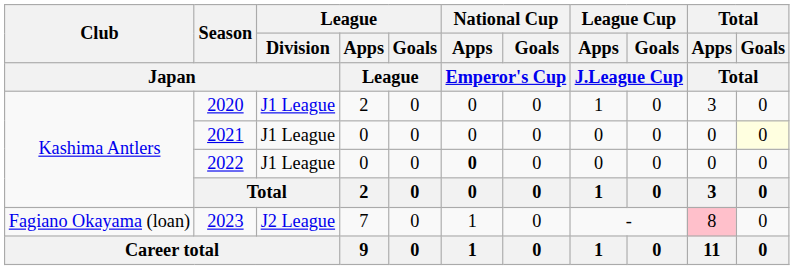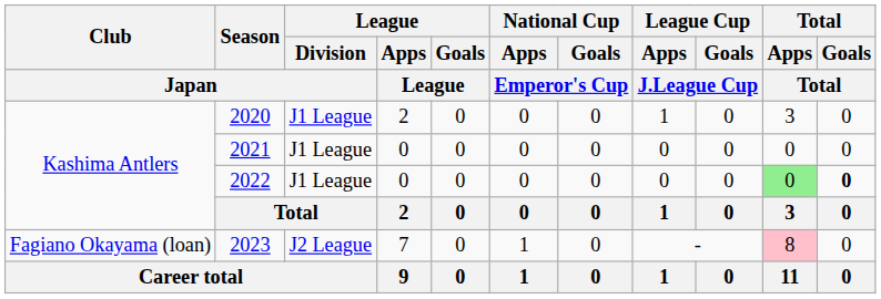 <table class="wikitable" style="text-align: center">
 <tr>
 <th rowspan="2">Club</th>
 <th rowspan="2">Season</th>
 <th colspan="3">League</th>
 <th colspan="2">National Cup</th>
 <th colspan="2">League Cup</th>
 <th colspan="2">Total</th>
 </tr>
 <tr>
 <th>Division</th>
 <th>Apps</th>
 <th>Goals</th>
 <th>Apps</th>
 <th>Goals</th>
 <th>Apps</th>
 <th>Goals</th>
 <th>Apps</th>
 <th>Goals</th>
 </tr>
 <tr>
 <th colspan=3>Japan</th>
 <th colspan=2>League</th>
 <th colspan=2><a href='#'>Emperor's Cup</a></th>
 <th colspan=2><a href='#'>J.League Cup</a></th>
 <th colspan=2>Total</th>
 </tr>
 <tr>
 <td rowspan=4><a href='#'>Kashima Antlers</a></td>
 <td><a href='#'>2020</a></td>
 <td><a href='#'>J1 League</a></td>
 <td>2</td>
 <td>0</td>
 <td>0</td>
 <td>0</td>
 <td>1</td>
 <td>0</td>
 <td>3</td>
 <td>0</td>
 </tr>
 <tr>
 <td><a href='#'>2021</a></td>
 <td>J1 League</td>
 <td>0</td>
 <td>0</td>
 <td>0</td>
 <td>0</td>
 <td>0</td>
 <td>0</td>
 <td>0</td>
-<td style="background: lightyellow;">0</td>
+<td>0</td>
 </tr>
 <tr>
 <td><a href='#'>2022</a></td>
 <td>J1 League</td>
 <td>0</td>
 <td>0</td>
-<td><strong>0</strong></td>
 <td>0</td>
 <td>0</td>
 <td>0</td>
 <td>0</td>
-<td>0</td>
+<td style="background: lightgreen;">0</td>
+<td><strong>0</strong></td>
 </tr>
 <tr>
 <th colspan="2">Total</th>
 <th>2</th>
 <th>0</th>
 <th>0</th>
 <th>0</th>
 <th>1</th>
 <th>0</th>
 <th>3</th>
 <th>0</th>
 </tr>
 <tr>
 <td><a href='#'>Fagiano Okayama</a> (loan)</td>
 <td><a href='#'>2023</a></td>
 <td><a href='#'>J2 League</a></td>
 <td>7</td>
 <td>0</td>
 <td>1</td>
 <td>0</td>
 <td colspan=2>-</td>
 <td style="background: pink;">8</td>
 <td>0</td>
 </tr>
 <tr>
 <th colspan=3>Career total</th>
 <th>9</th>
 <th>0</th>
 <th>1</th>
 <th>0</th>
 <th>1</th>
 <th>0</th>
 <th>11</th>
 <th>0</th>
 </tr>
 </table>
